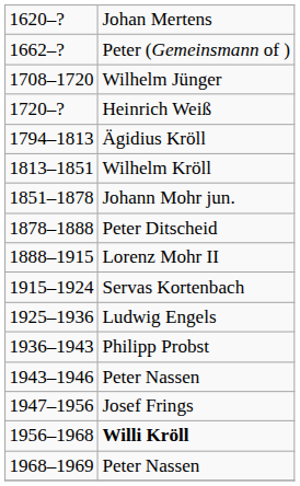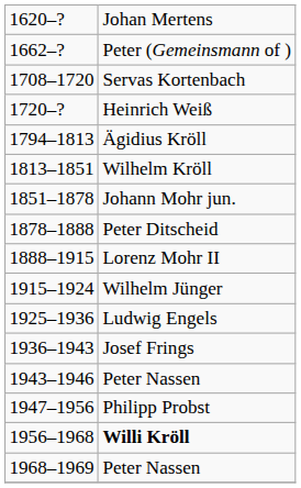 <table class="wikitable">
 <tr>
 <td>1620–?</td>
 <td>Johan Mertens</td>
 </tr>
 <tr>
 <td>1662–?</td>
 <td>Peter (<em>Gemeinsmann</em> of )</td>
 </tr>
 <tr>
 <td>1708–1720</td>
-<td>Wilhelm Jünger</td>
+<td>Servas Kortenbach</td>
 </tr>
 <tr>
 <td>1720–?</td>
 <td>Heinrich Weiß</td>
 </tr>
 <tr>
 <td>1794–1813</td>
 <td>Ägidius Kröll</td>
 </tr>
 <tr>
 <td>1813–1851</td>
 <td>Wilhelm Kröll</td>
 </tr>
 <tr>
 <td>1851–1878</td>
 <td>Johann Mohr jun.</td>
 </tr>
 <tr>
 <td>1878–1888</td>
 <td>Peter Ditscheid</td>
 </tr>
 <tr>
 <td>1888–1915</td>
 <td>Lorenz Mohr II</td>
 </tr>
 <tr>
 <td>1915–1924</td>
-<td>Servas Kortenbach</td>
+<td>Wilhelm Jünger</td>
 </tr>
 <tr>
 <td>1925–1936</td>
 <td>Ludwig Engels</td>
 </tr>
 <tr>
 <td>1936–1943</td>
-<td>Philipp Probst</td>
+<td>Josef Frings</td>
 </tr>
 <tr>
 <td>1943–1946</td>
 <td>Peter Nassen</td>
 </tr>
 <tr>
 <td>1947–1956</td>
-<td>Josef Frings</td>
+<td>Philipp Probst</td>
 </tr>
 <tr>
 <td>1956–1968</td>
 <td><strong>Willi Kröll</strong></td>
 </tr>
 <tr>
 <td>1968–1969</td>
 <td>Peter Nassen</td>
 </tr>
 <tr>
 </tr>
 </table>
